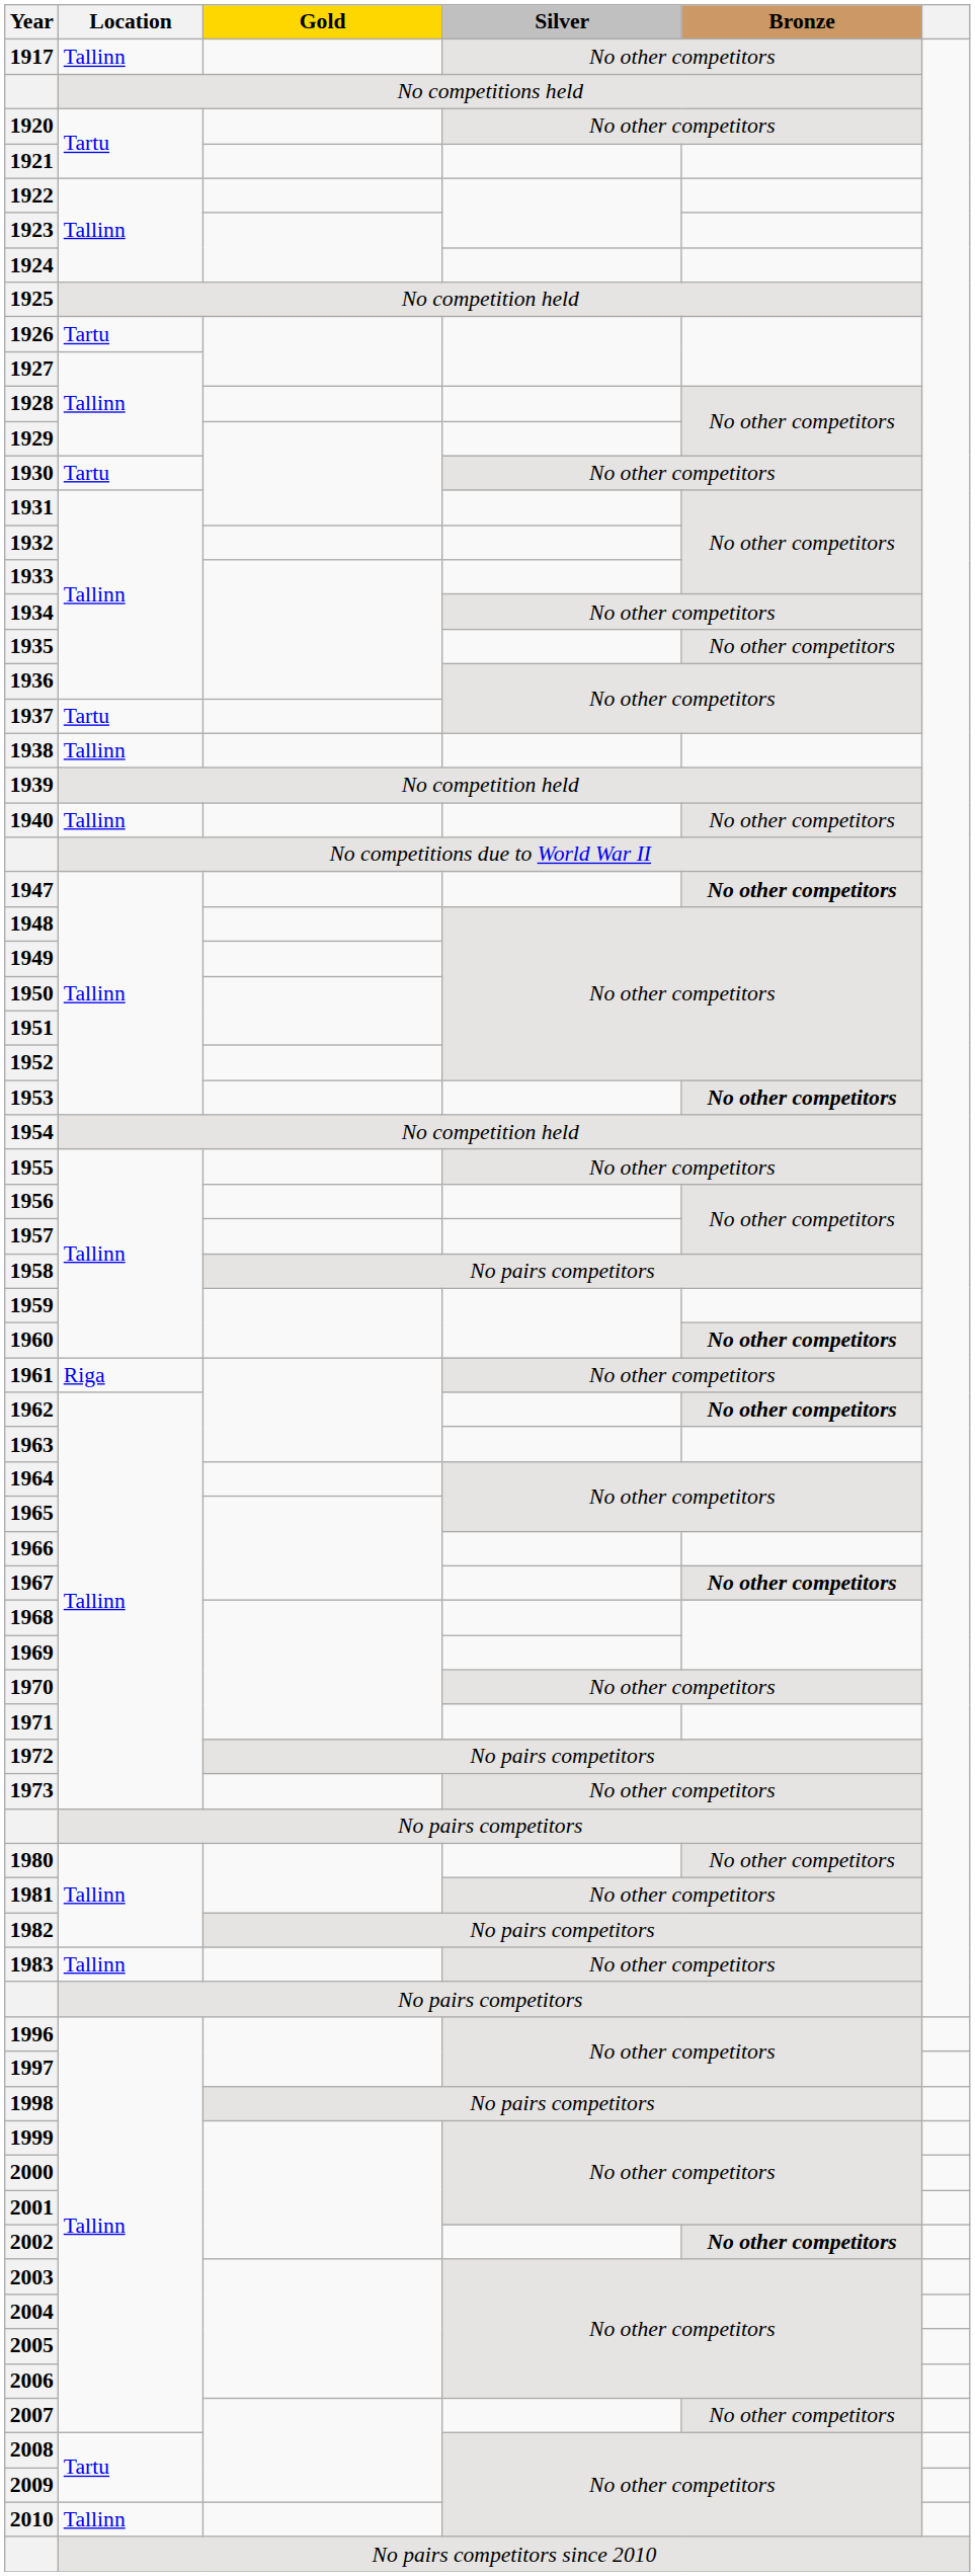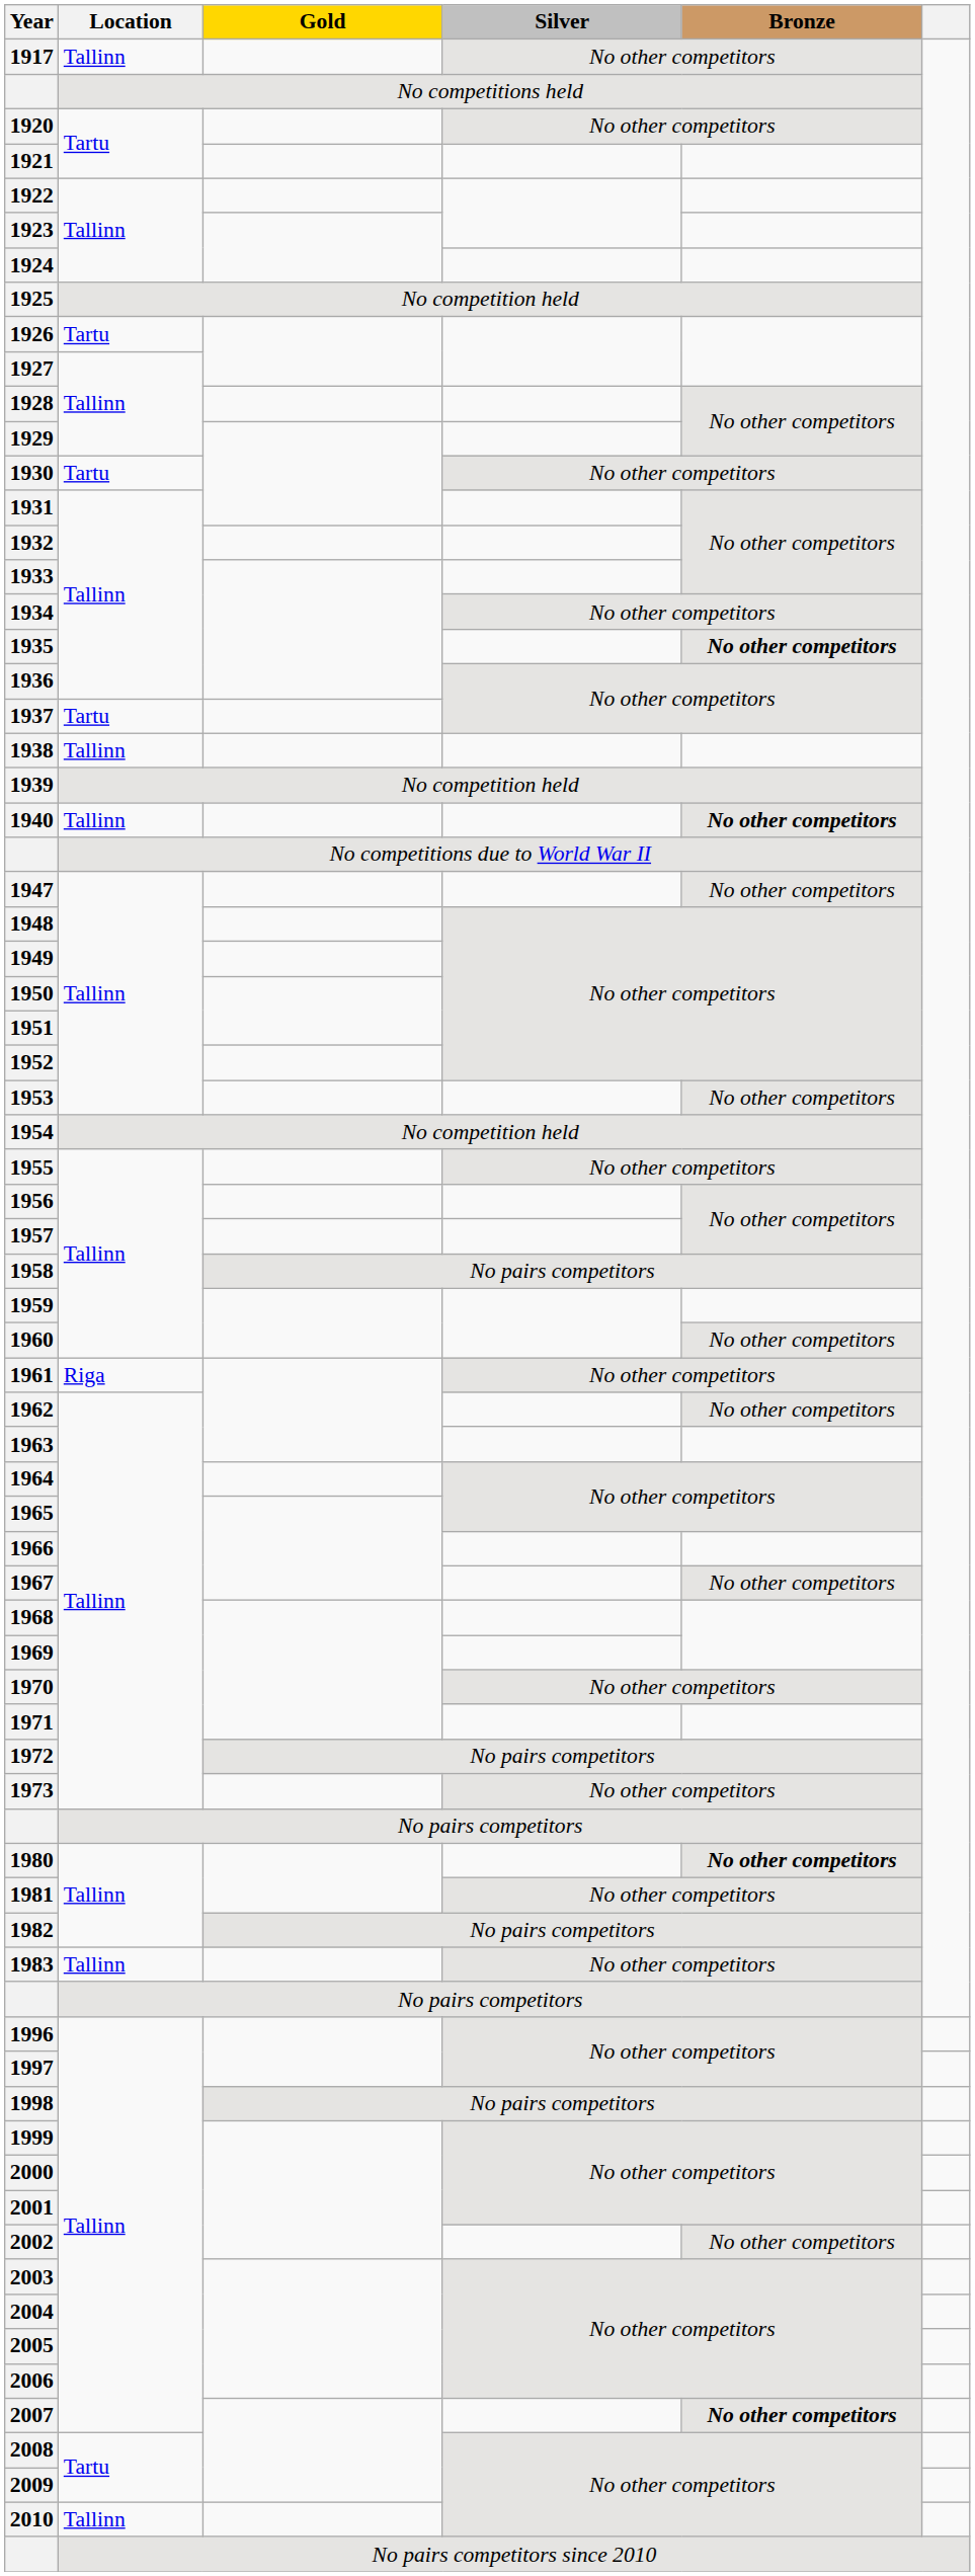 <table class="wikitable unsortable" style="text-align:left; width:80%">
 <tr>
 <th scope="col" style="text-align:center; width:5%">Year</th>
 <th scope="col" style="text-align:center; width:15%">Location</th>
 <th scope="col" style="text-align:center; width:25%; background:gold">Gold</th>
 <th scope="col" style="text-align:center; width:25%; background:silver">Silver</th>
 <th scope="col" style="text-align:center; width:25%; background:#c96">Bronze</th>
 <th scope="col" style="text-align:center; width:5%"></th>
 </tr>
 <tr>
 <th scope="row" style="text-align:left">1917</th>
 <td><a href='#'>Tallinn</a></td>
 <td></td>
 <td colspan="2" align="center" bgcolor="e5e4e2"><em>No other competitors</em></td>
 <td rowspan="57"></td>
 </tr>
 <tr>
 <th scope="row" style="text-align:left"></th>
 <td colspan="4" align="center" bgcolor="e5e4e2"><em>No competitions held</em></td>
 </tr>
 <tr>
 <th scope="row" style="text-align:left">1920</th>
 <td rowspan="2"><a href='#'>Tartu</a></td>
 <td></td>
 <td colspan="2" align="center" bgcolor="e5e4e2"><em>No other competitors</em></td>
 </tr>
 <tr>
 <th scope="row" style="text-align:left">1921</th>
 <td></td>
 <td></td>
 <td></td>
 </tr>
 <tr>
 <th scope="row" style="text-align:left">1922</th>
 <td rowspan="3"><a href='#'>Tallinn</a></td>
 <td></td>
 <td rowspan="2"></td>
 <td></td>
 </tr>
 <tr>
 <th scope="row" style="text-align:left">1923</th>
 <td rowspan="2"></td>
 <td></td>
 </tr>
 <tr>
 <th scope="row" style="text-align:left">1924</th>
 <td></td>
 <td></td>
 </tr>
 <tr>
 <th scope="row" style="text-align:left">1925</th>
 <td colspan="4" align="center" bgcolor="e5e4e2"><em>No competition held</em></td>
 </tr>
 <tr>
 <th scope="row" style="text-align:left">1926</th>
 <td><a href='#'>Tartu</a></td>
 <td rowspan="2"></td>
 <td rowspan="2"></td>
 <td rowspan="2"></td>
 </tr>
 <tr>
 <th scope="row" style="text-align:left">1927</th>
 <td rowspan="3"><a href='#'>Tallinn</a></td>
 </tr>
 <tr>
 <th scope="row" style="text-align:left">1928</th>
 <td></td>
 <td></td>
 <td rowspan="2" align="center" bgcolor="e5e4e2"><em>No other competitors</em></td>
 </tr>
 <tr>
 <th scope="row" style="text-align:left">1929</th>
 <td rowspan="3"></td>
 <td></td>
 </tr>
 <tr>
 <th scope="row" style="text-align:left">1930</th>
 <td><a href='#'>Tartu</a></td>
 <td colspan="2" align="center" bgcolor="e5e4e2"><em>No other competitors</em></td>
 </tr>
 <tr>
 <th scope="row" style="text-align:left">1931</th>
 <td rowspan="6"><a href='#'>Tallinn</a></td>
 <td></td>
 <td rowspan="3" align="center" bgcolor="e5e4e2"><em>No other competitors</em></td>
 </tr>
 <tr>
 <th scope="row" style="text-align:left">1932</th>
 <td></td>
 <td></td>
 </tr>
 <tr>
 <th scope="row" style="text-align:left">1933</th>
 <td rowspan="4"></td>
 <td></td>
 </tr>
 <tr>
 <th scope="row" style="text-align:left">1934</th>
 <td colspan="2" align="center" bgcolor="e5e4e2"><em>No other competitors</em></td>
 </tr>
 <tr>
 <th scope="row" style="text-align:left">1935</th>
 <td></td>
-<td align="center" bgcolor="e5e4e2"><em>No other competitors</em></td>
+<td align="center" bgcolor="e5e4e2"><strong><em>No other competitors</em></strong></td>
 </tr>
 <tr>
 <th scope="row" style="text-align:left">1936</th>
 <td colspan="2" rowspan="2" align="center" bgcolor="e5e4e2"><em>No other competitors</em></td>
 </tr>
 <tr>
 <th scope="row" style="text-align:left">1937</th>
 <td><a href='#'>Tartu</a></td>
 <td></td>
 </tr>
 <tr>
 <th scope="row" style="text-align:left">1938</th>
 <td><a href='#'>Tallinn</a></td>
 <td></td>
 <td></td>
 <td></td>
 </tr>
 <tr>
 <th scope="row" style="text-align:left">1939</th>
 <td colspan="4" align="center" bgcolor="e5e4e2"><em>No competition held</em></td>
 </tr>
 <tr>
 <th scope="row" style="text-align:left">1940</th>
 <td><a href='#'>Tallinn</a></td>
 <td></td>
 <td></td>
-<td align="center" bgcolor="e5e4e2"><em>No other competitors</em></td>
+<td align="center" bgcolor="e5e4e2"><strong><em>No other competitors</em></strong></td>
 </tr>
 <tr>
 <th scope="row" style="text-align:left"></th>
 <td colspan="4" align="center" bgcolor="e5e4e2"><em>No competitions due to <a href='#'>World War II</a></em></td>
 </tr>
 <tr>
 <th scope="row" style="text-align:left">1947</th>
 <td rowspan="7"><a href='#'>Tallinn</a></td>
 <td></td>
 <td></td>
-<td align="center" bgcolor="e5e4e2"><strong><em>No other competitors</em></strong></td>
+<td align="center" bgcolor="e5e4e2"><em>No other competitors</em></td>
 </tr>
 <tr>
 <th scope="row" style="text-align:left">1948</th>
 <td></td>
 <td colspan="2" rowspan="5" align="center" bgcolor="e5e4e2"><em>No other competitors</em></td>
 </tr>
 <tr>
 <th scope="row" style="text-align:left">1949</th>
 <td></td>
 </tr>
 <tr>
 <th scope="row" style="text-align:left">1950</th>
 <td rowspan="2"></td>
 </tr>
 <tr>
 <th scope="row" style="text-align:left">1951</th>
 </tr>
 <tr>
 <th scope="row" style="text-align:left">1952</th>
 <td></td>
 </tr>
 <tr>
 <th scope="row" style="text-align:left">1953</th>
 <td></td>
 <td></td>
-<td align="center" bgcolor="e5e4e2"><strong><em>No other competitors</em></strong></td>
+<td align="center" bgcolor="e5e4e2"><em>No other competitors</em></td>
 </tr>
 <tr>
 <th scope="row" style="text-align:left">1954</th>
 <td colspan="4" align="center" bgcolor="e5e4e2"><em>No competition held</em></td>
 </tr>
 <tr>
 <th scope="row" style="text-align:left">1955</th>
 <td rowspan="6"><a href='#'>Tallinn</a></td>
 <td></td>
 <td colspan="2" align="center" bgcolor="e5e4e2"><em>No other competitors</em></td>
 </tr>
 <tr>
 <th scope="row" style="text-align:left">1956</th>
 <td></td>
 <td></td>
 <td rowspan="2" align="center" bgcolor="e5e4e2"><em>No other competitors</em></td>
 </tr>
 <tr>
 <th scope="row" style="text-align:left">1957</th>
 <td></td>
 <td></td>
 </tr>
 <tr>
 <th scope="row" style="text-align:left">1958</th>
 <td colspan="3" align="center" bgcolor="e5e4e2"><em>No pairs competitors</em></td>
 </tr>
 <tr>
 <th scope="row" style="text-align:left">1959</th>
 <td rowspan="2"></td>
 <td rowspan="2"></td>
 <td></td>
 </tr>
 <tr>
 <th scope="row" style="text-align:left">1960</th>
-<td align="center" bgcolor="e5e4e2"><strong><em>No other competitors</em></strong></td>
+<td align="center" bgcolor="e5e4e2"><em>No other competitors</em></td>
 </tr>
 <tr>
 <th scope="row" style="text-align:left">1961</th>
 <td> <a href='#'>Riga</a></td>
 <td rowspan="3"></td>
 <td colspan="2" align="center" bgcolor="e5e4e2"><em>No other competitors</em></td>
 </tr>
 <tr>
 <th scope="row" style="text-align:left">1962</th>
 <td rowspan="12"><a href='#'>Tallinn</a></td>
 <td></td>
-<td align="center" bgcolor="e5e4e2"><strong><em>No other competitors</em></strong></td>
+<td align="center" bgcolor="e5e4e2"><em>No other competitors</em></td>
 </tr>
 <tr>
 <th scope="row" style="text-align:left">1963</th>
 <td></td>
 <td></td>
 </tr>
 <tr>
 <th scope="row" style="text-align:left">1964</th>
 <td></td>
 <td colspan="2" rowspan="2" align="center" bgcolor="e5e4e2"><em>No other competitors</em></td>
 </tr>
 <tr>
 <th scope="row" style="text-align:left">1965</th>
 <td rowspan="3"></td>
 </tr>
 <tr>
 <th scope="row" style="text-align:left">1966</th>
 <td></td>
 <td></td>
 </tr>
 <tr>
 <th scope="row" style="text-align:left">1967</th>
 <td></td>
-<td align="center" bgcolor="e5e4e2"><strong><em>No other competitors</em></strong></td>
+<td align="center" bgcolor="e5e4e2"><em>No other competitors</em></td>
 </tr>
 <tr>
 <th scope="row" style="text-align:left">1968</th>
 <td rowspan="4"></td>
 <td></td>
 <td rowspan="2"></td>
 </tr>
 <tr>
 <th scope="row" style="text-align:left">1969</th>
 <td></td>
 </tr>
 <tr>
 <th scope="row" style="text-align:left">1970</th>
 <td colspan="2" align="center" bgcolor="e5e4e2"><em>No other competitors</em></td>
 </tr>
 <tr>
 <th scope="row" style="text-align:left">1971</th>
 <td></td>
 <td></td>
 </tr>
 <tr>
 <th scope="row" style="text-align:left">1972</th>
 <td colspan="3" align="center" bgcolor="e5e4e2"><em>No pairs competitors</em></td>
 </tr>
 <tr>
 <th scope="row" style="text-align:left">1973</th>
 <td></td>
 <td colspan="2" align="center" bgcolor="e5e4e2"><em>No other competitors</em></td>
 </tr>
 <tr>
 <th scope="row" style="text-align:left"></th>
 <td colspan="4" align="center" bgcolor="e5e4e2"><em>No pairs competitors</em></td>
 </tr>
 <tr>
 <th scope="row" style="text-align:left">1980</th>
 <td rowspan="3"><a href='#'>Tallinn</a></td>
 <td rowspan="2"></td>
 <td></td>
-<td align="center" bgcolor="e5e4e2"><em>No other competitors</em></td>
+<td align="center" bgcolor="e5e4e2"><strong><em>No other competitors</em></strong></td>
 </tr>
 <tr>
 <th scope="row" style="text-align:left">1981</th>
 <td colspan="2" align="center" bgcolor="e5e4e2"><em>No other competitors</em></td>
 </tr>
 <tr>
 <th scope="row" style="text-align:left">1982</th>
 <td colspan="3" align="center" bgcolor="e5e4e2"><em>No pairs competitors</em></td>
 </tr>
 <tr>
 <th scope="row" style="text-align:left">1983</th>
 <td><a href='#'>Tallinn</a></td>
 <td></td>
 <td colspan="2" align="center" bgcolor="e5e4e2"><em>No other competitors</em></td>
 </tr>
 <tr>
 <th scope="row" style="text-align:left"></th>
 <td colspan="4" align="center" bgcolor="e5e4e2"><em>No pairs competitors</em></td>
 </tr>
 <tr>
 <th scope="row" style="text-align:left">1996</th>
 <td rowspan="12"><a href='#'>Tallinn</a></td>
 <td rowspan="2"></td>
 <td colspan="2" rowspan="2" align="center" bgcolor="e5e4e2"><em>No other competitors</em></td>
 <td></td>
 </tr>
 <tr>
 <th scope="row" style="text-align:left">1997</th>
 <td></td>
 </tr>
 <tr>
 <th scope="row" style="text-align:left">1998</th>
 <td colspan="3" align="center" bgcolor="e5e4e2"><em>No pairs competitors</em></td>
 <td></td>
 </tr>
 <tr>
 <th scope="row" style="text-align:left">1999</th>
 <td rowspan="4"></td>
 <td colspan="2" rowspan="3" align="center" bgcolor="e5e4e2"><em>No other competitors</em></td>
 <td></td>
 </tr>
 <tr>
 <th scope="row" style="text-align:left">2000</th>
 <td></td>
 </tr>
 <tr>
 <th scope="row" style="text-align:left">2001</th>
 <td></td>
 </tr>
 <tr>
 <th scope="row" style="text-align:left">2002</th>
 <td></td>
-<td align="center" bgcolor="e5e4e2"><strong><em>No other competitors</em></strong></td>
+<td align="center" bgcolor="e5e4e2"><em>No other competitors</em></td>
 <td></td>
 </tr>
 <tr>
 <th scope="row" style="text-align:left">2003</th>
 <td rowspan="4"></td>
 <td colspan="2" rowspan="4" align="center" bgcolor="e5e4e2"><em>No other competitors</em></td>
 <td></td>
 </tr>
 <tr>
 <th scope="row" style="text-align:left">2004</th>
 <td></td>
 </tr>
 <tr>
 <th scope="row" style="text-align:left">2005</th>
 <td></td>
 </tr>
 <tr>
 <th scope="row" style="text-align:left">2006</th>
 <td></td>
 </tr>
 <tr>
 <th scope="row" style="text-align:left">2007</th>
 <td rowspan="3"></td>
 <td></td>
-<td align="center" bgcolor="e5e4e2"><em>No other competitors</em></td>
+<td align="center" bgcolor="e5e4e2"><strong><em>No other competitors</em></strong></td>
 <td></td>
 </tr>
 <tr>
 <th scope="row" style="text-align:left">2008</th>
 <td rowspan="2"><a href='#'>Tartu</a></td>
 <td colspan="2" rowspan="3" align="center" bgcolor="e5e4e2"><em>No other competitors</em></td>
 <td></td>
 </tr>
 <tr>
 <th scope="row" style="text-align:left">2009</th>
 <td></td>
 </tr>
 <tr>
 <th scope="row" style="text-align:left">2010</th>
 <td><a href='#'>Tallinn</a></td>
 <td></td>
 <td></td>
 </tr>
 <tr>
 <th scope="row" style="text-align:left"></th>
 <td colspan="5" align="center" bgcolor="e5e4e2"><em>No pairs competitors since 2010</em></td>
 </tr>
 </table>
